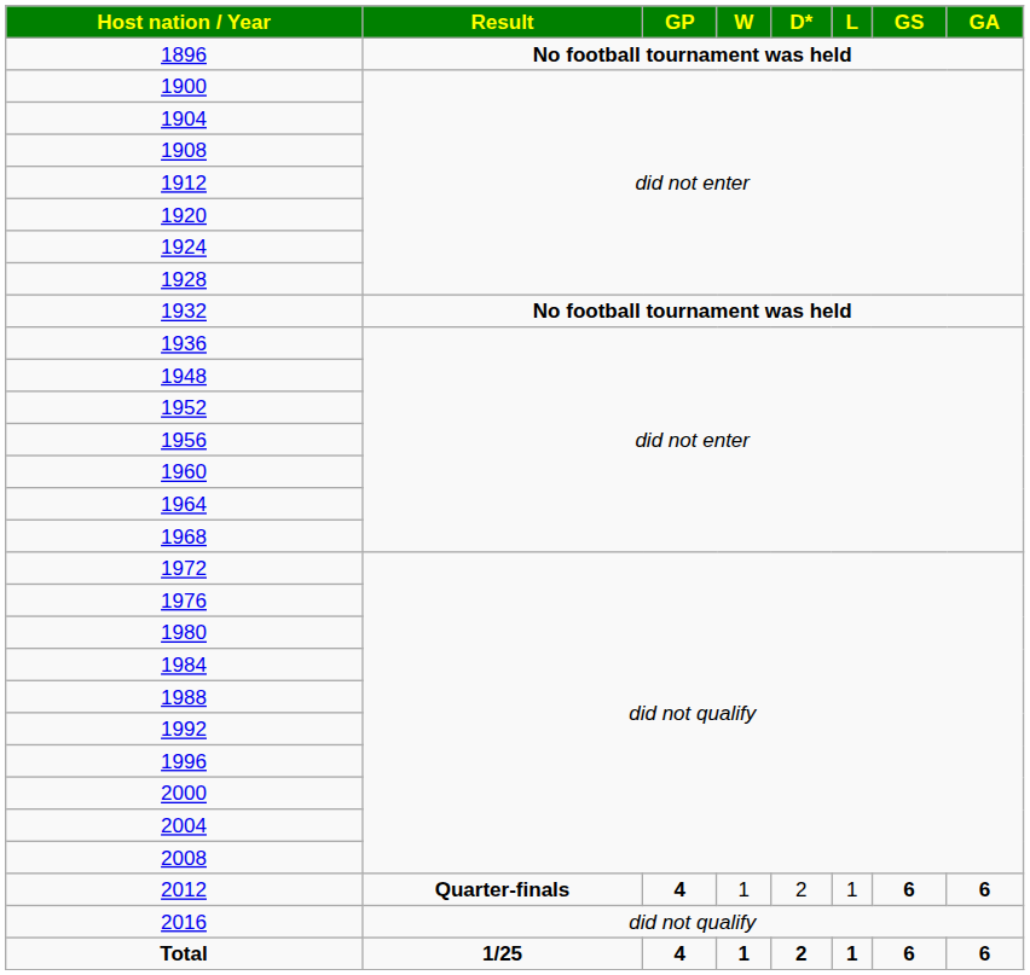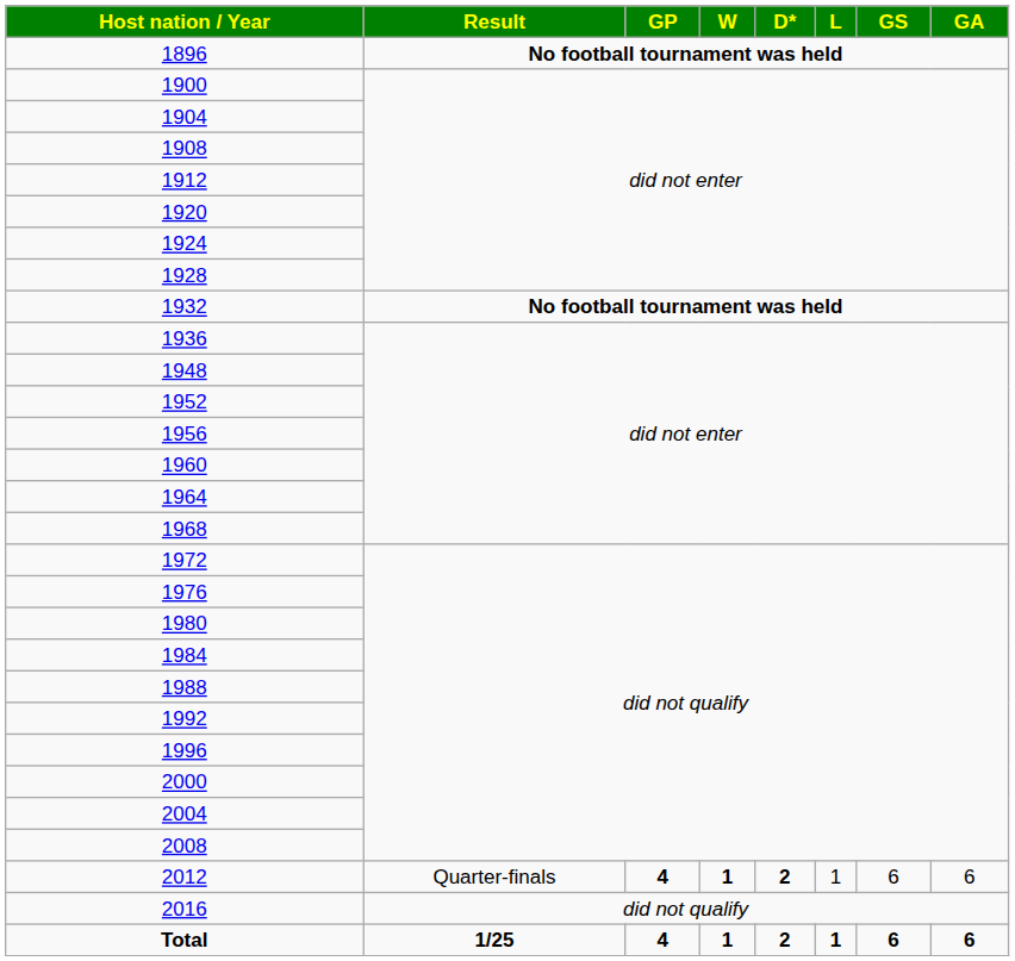 <table align=border width=40% border=1 cellpadding="2" cellspacing="0" style="background: #f9f9f9; border: 1px #aaa solid; border-collapse: collapse; font-size: 80%; text-align: center;">
 <tr align=center bgcolor=green style="color:yellow;">
 <th>Host nation / Year</th>
 <th>Result</th>
 <th>GP</th>
 <th>W</th>
 <th>D*</th>
 <th>L</th>
 <th>GS</th>
 <th>GA</th>
 </tr>
 <tr>
 <td> <a href='#'>1896</a></td>
 <td colspan="7"><strong>No football tournament was held</strong></td>
 </tr>
 <tr>
 <td> <a href='#'>1900</a></td>
 <td colspan="7" rowspan="7"><em>did not enter</em></td>
 </tr>
 <tr>
 <td> <a href='#'>1904</a></td>
 </tr>
 <tr>
 <td> <a href='#'>1908</a></td>
 </tr>
 <tr>
 <td> <a href='#'>1912</a></td>
 </tr>
 <tr>
 <td> <a href='#'>1920</a></td>
 </tr>
 <tr>
 <td> <a href='#'>1924</a></td>
 </tr>
 <tr>
 <td> <a href='#'>1928</a></td>
 </tr>
 <tr>
 <td> <a href='#'>1932</a></td>
 <td colspan="7"><strong>No football tournament was held</strong></td>
 </tr>
 <tr>
 <td> <a href='#'>1936</a></td>
 <td colspan="7" rowspan="7"><em>did not enter</em></td>
 </tr>
 <tr>
 <td> <a href='#'>1948</a></td>
 </tr>
 <tr>
 <td> <a href='#'>1952</a></td>
 </tr>
 <tr>
 <td> <a href='#'>1956</a></td>
 </tr>
 <tr>
 <td> <a href='#'>1960</a></td>
 </tr>
 <tr>
 <td> <a href='#'>1964</a></td>
 </tr>
 <tr>
 <td> <a href='#'>1968</a></td>
 </tr>
 <tr>
 <td> <a href='#'>1972</a></td>
 <td colspan="7" rowspan="10"><em>did not qualify</em></td>
 </tr>
 <tr>
 <td> <a href='#'>1976</a></td>
 </tr>
 <tr>
 <td> <a href='#'>1980</a></td>
 </tr>
 <tr>
 <td> <a href='#'>1984</a></td>
 </tr>
 <tr>
 <td> <a href='#'>1988</a></td>
 </tr>
 <tr>
 <td> <a href='#'>1992</a></td>
 </tr>
 <tr>
 <td> <a href='#'>1996</a></td>
 </tr>
 <tr>
 <td> <a href='#'>2000</a></td>
 </tr>
 <tr>
 <td> <a href='#'>2004</a></td>
 </tr>
 <tr>
 <td> <a href='#'>2008</a></td>
 </tr>
 <tr>
 <td> <a href='#'>2012</a></td>
-<td><strong>Quarter-finals</strong></td>
+<td>Quarter-finals</td>
 <td><strong>4</strong></td>
+<td><strong>1</strong></td>
+<td><strong>2</strong></td>
 <td>1</td>
-<td>2</td>
-<td>1</td>
-<td><strong>6</strong></td>
-<td><strong>6</strong></td>
+<td>6</td>
+<td>6</td>
 </tr>
 <tr>
 <td> <a href='#'>2016</a></td>
 <td colspan="7"><em>did not qualify</em></td>
 </tr>
 <tr>
 <th><strong>Total</strong></th>
 <th>1/25</th>
 <th>4</th>
 <th>1</th>
 <th>2</th>
 <th>1</th>
 <th>6</th>
 <th>6</th>
 </tr>
 <tr>
 </tr>
 </table>
